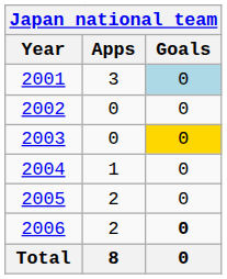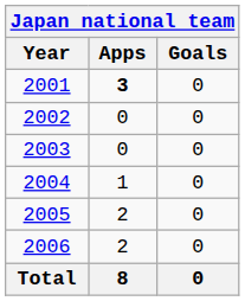 <table class="wikitable" style="text-align:center">
 <tr>
 <th colspan=3><a href='#'>Japan national team</a></th>
 </tr>
 <tr>
 <th>Year</th>
 <th>Apps</th>
 <th>Goals</th>
 </tr>
 <tr>
 <td><a href='#'>2001</a></td>
-<td>3</td>
-<td style="background: lightblue;">0</td>
+<td><strong>3</strong></td>
+<td>0</td>
 </tr>
 <tr>
 <td><a href='#'>2002</a></td>
 <td>0</td>
 <td>0</td>
 </tr>
 <tr>
 <td><a href='#'>2003</a></td>
 <td>0</td>
-<td style="background: gold;">0</td>
+<td>0</td>
 </tr>
 <tr>
 <td><a href='#'>2004</a></td>
 <td>1</td>
 <td>0</td>
 </tr>
 <tr>
 <td><a href='#'>2005</a></td>
 <td>2</td>
 <td>0</td>
 </tr>
 <tr>
 <td><a href='#'>2006</a></td>
 <td>2</td>
-<td><strong>0</strong></td>
+<td>0</td>
 </tr>
 <tr>
 <th>Total</th>
 <th>8</th>
 <th>0</th>
 </tr>
 </table>
